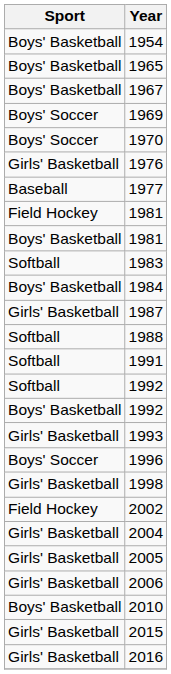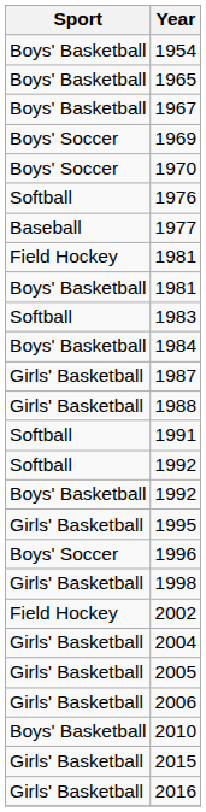 <table class="wikitable mw-collapsible mw-collapsed">
 <tr>
 <th>Sport</th>
 <th>Year</th>
 </tr>
 <tr>
 <td>Boys' Basketball</td>
 <td>1954</td>
 </tr>
 <tr>
 <td>Boys' Basketball</td>
 <td>1965</td>
 </tr>
 <tr>
 <td>Boys' Basketball</td>
 <td>1967</td>
 </tr>
 <tr>
 <td>Boys' Soccer</td>
 <td>1969</td>
 </tr>
 <tr>
 <td>Boys' Soccer</td>
 <td>1970</td>
 </tr>
 <tr>
-<td>Girls' Basketball</td>
+<td>Softball</td>
 <td>1976</td>
 </tr>
 <tr>
 <td>Baseball</td>
 <td>1977</td>
 </tr>
 <tr>
 <td>Field Hockey</td>
 <td>1981</td>
 </tr>
 <tr>
 <td>Boys' Basketball</td>
 <td>1981</td>
 </tr>
 <tr>
 <td>Softball</td>
 <td>1983</td>
 </tr>
 <tr>
 <td>Boys' Basketball</td>
 <td>1984</td>
 </tr>
 <tr>
 <td>Girls' Basketball</td>
 <td>1987</td>
 </tr>
 <tr>
-<td>Softball</td>
+<td>Girls' Basketball</td>
 <td>1988</td>
 </tr>
 <tr>
 <td>Softball</td>
 <td>1991</td>
 </tr>
 <tr>
 <td>Softball</td>
 <td>1992</td>
 </tr>
 <tr>
 <td>Boys' Basketball</td>
 <td>1992</td>
 </tr>
 <tr>
 <td>Girls' Basketball</td>
-<td>1993</td>
+<td>1995</td>
 </tr>
 <tr>
 <td>Boys' Soccer</td>
 <td>1996</td>
 </tr>
 <tr>
 <td>Girls' Basketball</td>
 <td>1998</td>
 </tr>
 <tr>
 <td>Field Hockey</td>
 <td>2002</td>
 </tr>
 <tr>
 <td>Girls' Basketball</td>
 <td>2004</td>
 </tr>
 <tr>
 <td>Girls' Basketball</td>
 <td>2005</td>
 </tr>
 <tr>
 <td>Girls' Basketball</td>
 <td>2006</td>
 </tr>
 <tr>
 <td>Boys' Basketball</td>
 <td>2010</td>
 </tr>
 <tr>
 <td>Girls' Basketball</td>
 <td>2015</td>
 </tr>
 <tr>
 <td>Girls' Basketball</td>
 <td>2016</td>
 </tr>
 <tr>
 </tr>
 </table>
